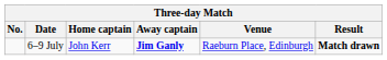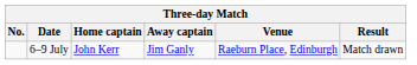 <table class="wikitable">
 <tr>
 <th colspan="9">Three-day Match</th>
 </tr>
 <tr>
 <th>No.</th>
 <th>Date</th>
 <th>Home captain</th>
 <th>Away captain</th>
 <th>Venue</th>
 <th>Result</th>
 </tr>
 <tr>
 <td></td>
 <td>6–9 July</td>
 <td><a href='#'>John Kerr</a></td>
-<td><strong><a href='#'>Jim Ganly</a></strong></td>
+<td><a href='#'>Jim Ganly</a></td>
 <td><a href='#'>Raeburn Place</a>, <a href='#'>Edinburgh</a></td>
-<td><strong>Match drawn</strong></td>
+<td>Match drawn</td>
 </tr>
 </table>
